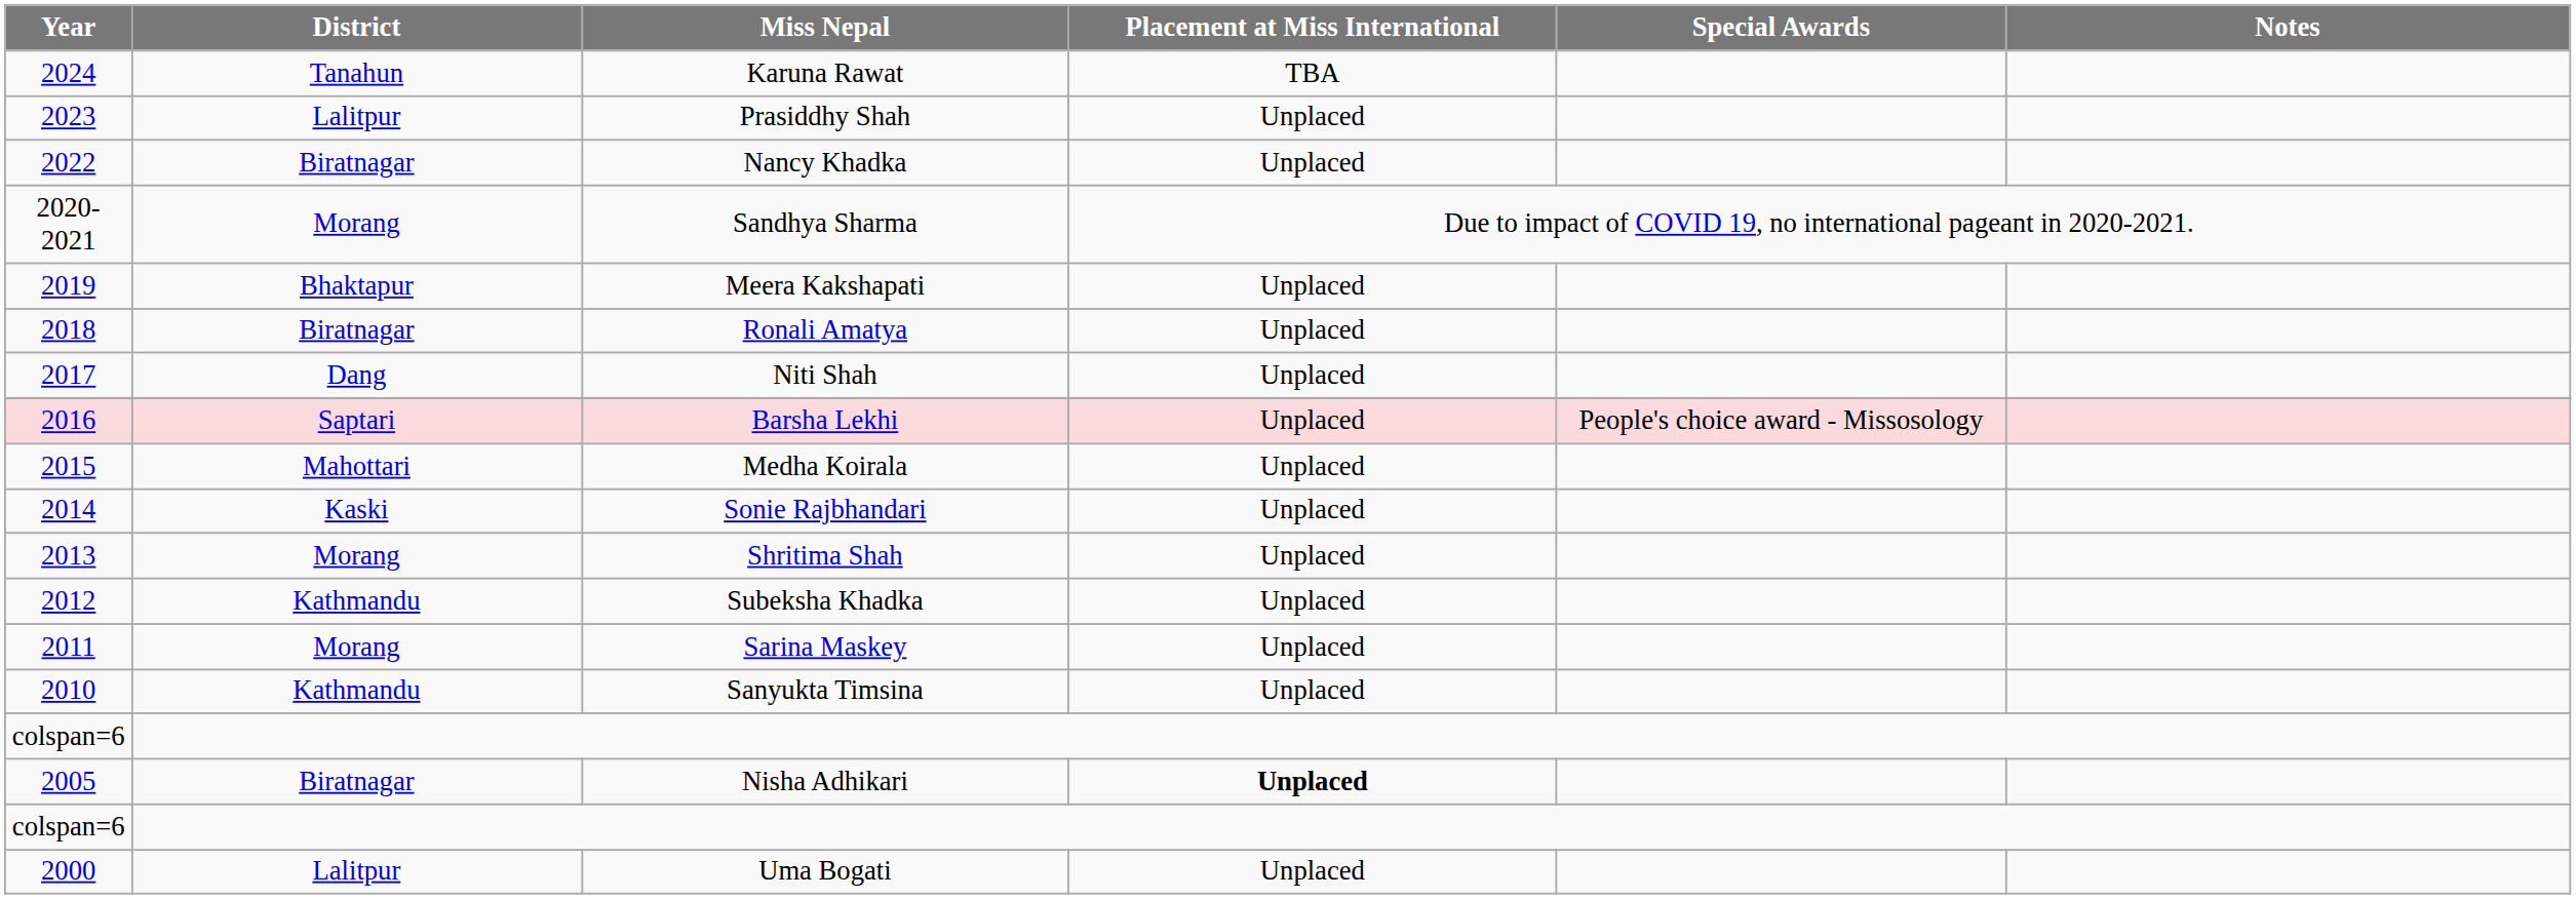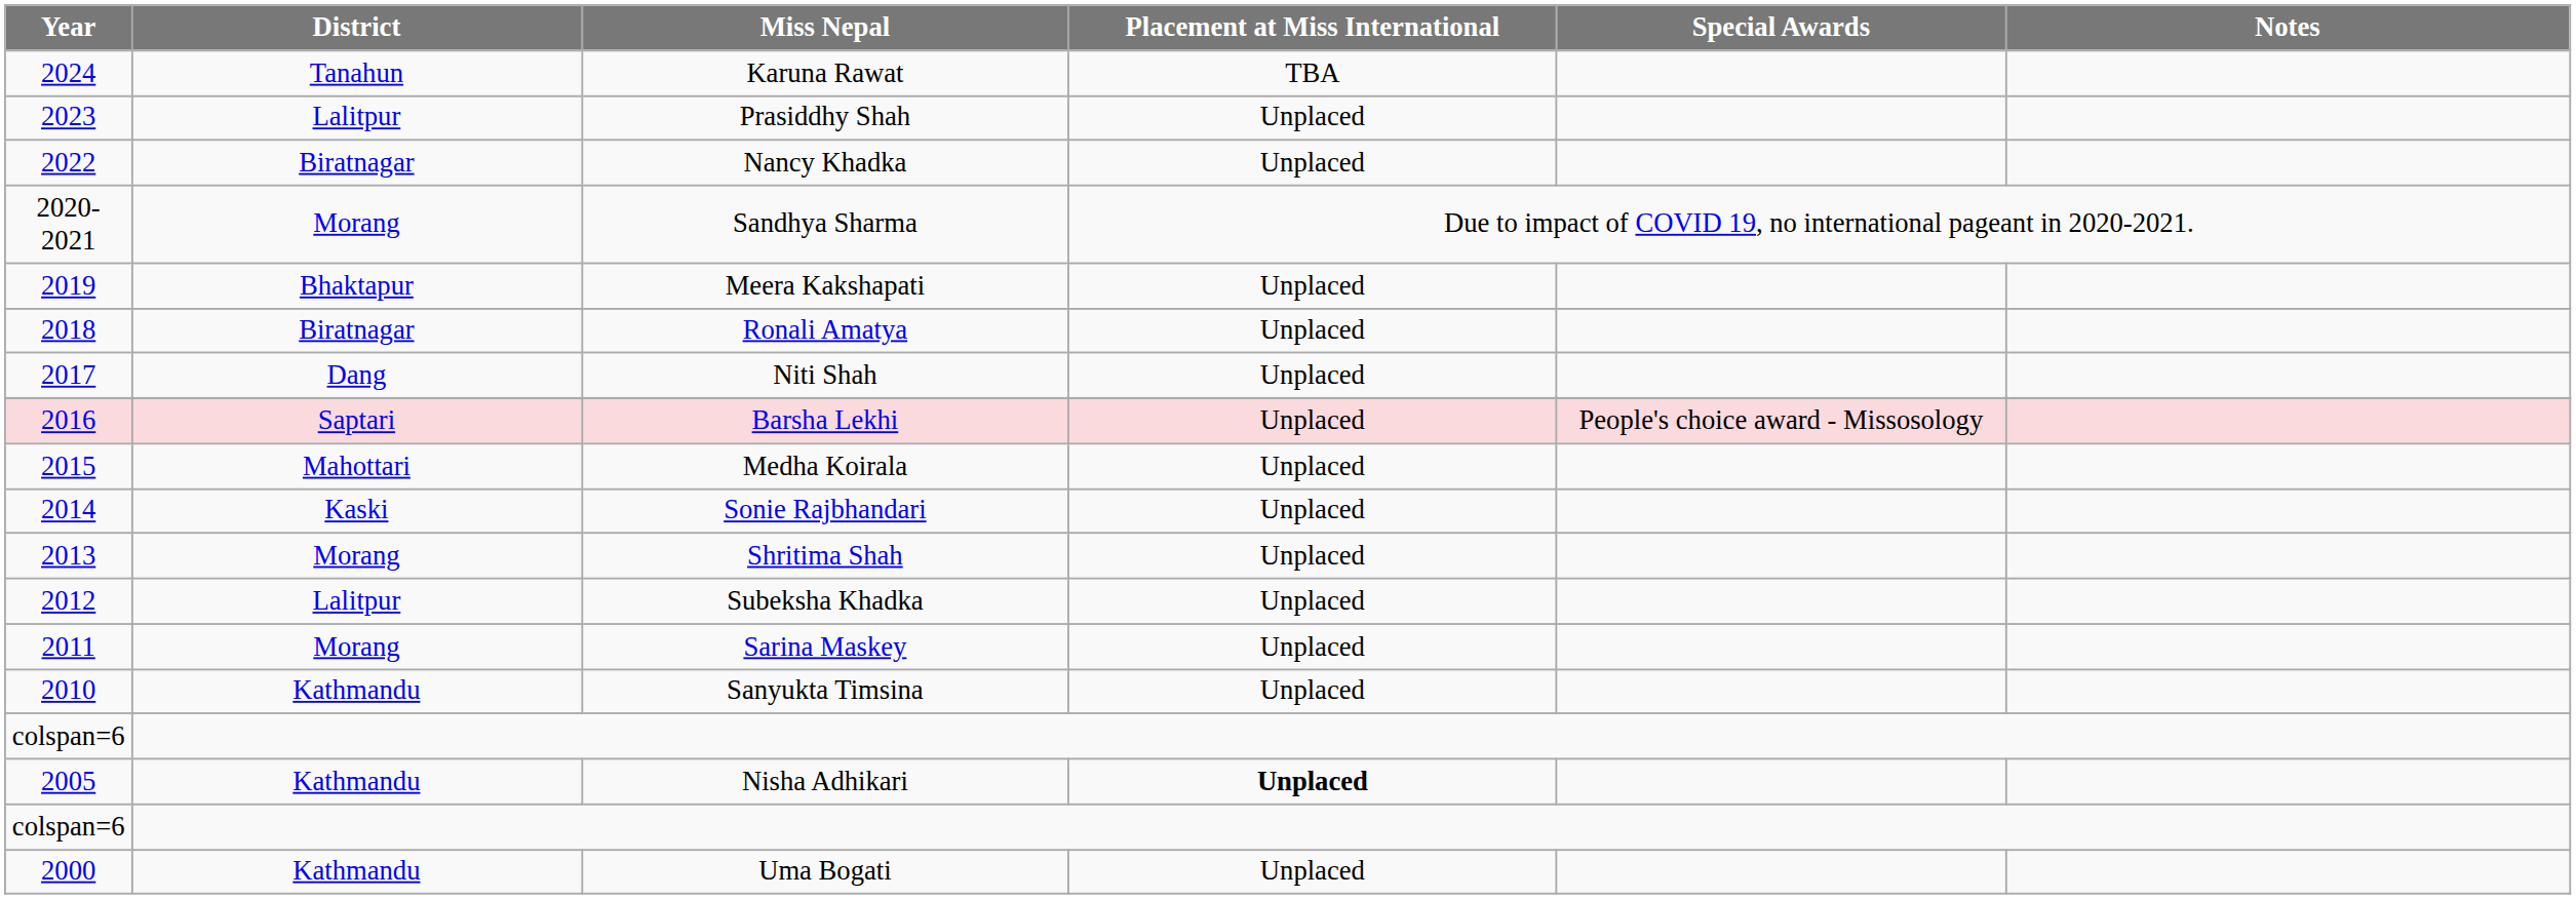 <table class="wikitable" style="font-size: 90%; text-align:center">
 <tr>
 <th width="60" style="background-color:#787878;color:#FFFFFF;">Year</th>
 <th width="230" style="background-color:#787878;color:#FFFFFF;">District</th>
 <th width="250" style="background-color:#787878;color:#FFFFFF;">Miss Nepal</th>
 <th width="250" style="background-color:#787878;color:#FFFFFF;">Placement at Miss International</th>
 <th width="230" style="background-color:#787878;color:#FFFFFF;">Special Awards</th>
 <th width="290" style="background-color:#787878;color:#FFFFFF;">Notes</th>
 </tr>
 <tr>
 <td><a href='#'>2024</a></td>
 <td><a href='#'>Tanahun</a></td>
 <td>Karuna Rawat</td>
 <td>TBA</td>
 <td></td>
 <td></td>
 </tr>
 <tr>
 <td><a href='#'>2023</a></td>
 <td><a href='#'>Lalitpur</a></td>
 <td>Prasiddhy Shah</td>
 <td>Unplaced</td>
 <td></td>
 <td></td>
 </tr>
 <tr>
 <td><a href='#'>2022</a></td>
 <td><a href='#'>Biratnagar</a></td>
 <td>Nancy Khadka</td>
 <td>Unplaced</td>
 <td></td>
 <td></td>
 </tr>
 <tr>
 <td>2020-2021</td>
 <td><a href='#'>Morang</a></td>
 <td>Sandhya Sharma</td>
 <td colspan="3">Due to impact of <a href='#'>COVID 19</a>, no international pageant in 2020-2021.</td>
 </tr>
 <tr>
 <td><a href='#'>2019</a></td>
 <td><a href='#'>Bhaktapur</a></td>
 <td>Meera Kakshapati</td>
 <td>Unplaced</td>
 <td></td>
 <td></td>
 </tr>
 <tr>
 <td><a href='#'>2018</a></td>
 <td><a href='#'>Biratnagar</a></td>
 <td><a href='#'>Ronali Amatya</a></td>
 <td>Unplaced</td>
 <td></td>
 <td></td>
 </tr>
 <tr>
 <td><a href='#'>2017</a></td>
 <td><a href='#'>Dang</a></td>
 <td>Niti Shah</td>
 <td>Unplaced</td>
 <td></td>
 <td></td>
 </tr>
 <tr>
 </tr>
 <tr style="background-color:#FADADD; ">
 <td><a href='#'>2016</a></td>
 <td><a href='#'>Saptari</a></td>
 <td><a href='#'>Barsha Lekhi</a></td>
 <td>Unplaced</td>
 <td>People's choice award - Missosology</td>
 <td></td>
 </tr>
 <tr>
 <td><a href='#'>2015</a></td>
 <td><a href='#'>Mahottari</a></td>
 <td>Medha Koirala</td>
 <td>Unplaced</td>
 <td></td>
 <td></td>
 </tr>
 <tr>
 <td><a href='#'>2014</a></td>
 <td><a href='#'>Kaski</a></td>
 <td><a href='#'>Sonie Rajbhandari</a></td>
 <td>Unplaced</td>
 <td></td>
 <td></td>
 </tr>
 <tr>
 <td><a href='#'>2013</a></td>
 <td><a href='#'>Morang</a></td>
 <td><a href='#'>Shritima Shah</a></td>
 <td>Unplaced</td>
 <td></td>
 <td></td>
 </tr>
 <tr>
 <td><a href='#'>2012</a></td>
-<td><a href='#'>Kathmandu</a></td>
+<td><a href='#'>Lalitpur</a></td>
 <td>Subeksha Khadka</td>
 <td>Unplaced</td>
 <td></td>
 <td></td>
 </tr>
 <tr>
 <td><a href='#'>2011</a></td>
 <td><a href='#'>Morang</a></td>
 <td><a href='#'>Sarina Maskey</a></td>
 <td>Unplaced</td>
 <td></td>
 <td></td>
 </tr>
 <tr>
 <td><a href='#'>2010</a></td>
 <td><a href='#'>Kathmandu</a></td>
 <td>Sanyukta Timsina</td>
 <td>Unplaced</td>
 <td></td>
 <td></td>
 </tr>
 <tr>
 <td>colspan=6 </td>
 </tr>
 <tr>
 <td><a href='#'>2005</a></td>
-<td><a href='#'>Biratnagar</a></td>
+<td><a href='#'>Kathmandu</a></td>
 <td>Nisha Adhikari</td>
 <td><strong>Unplaced</strong></td>
 <td></td>
 <td></td>
 </tr>
 <tr>
 <td>colspan=6 </td>
 </tr>
 <tr>
 <td><a href='#'>2000</a></td>
-<td><a href='#'>Lalitpur</a></td>
+<td><a href='#'>Kathmandu</a></td>
 <td>Uma Bogati</td>
 <td>Unplaced</td>
 <td></td>
 <td></td>
 </tr>
 </table>
